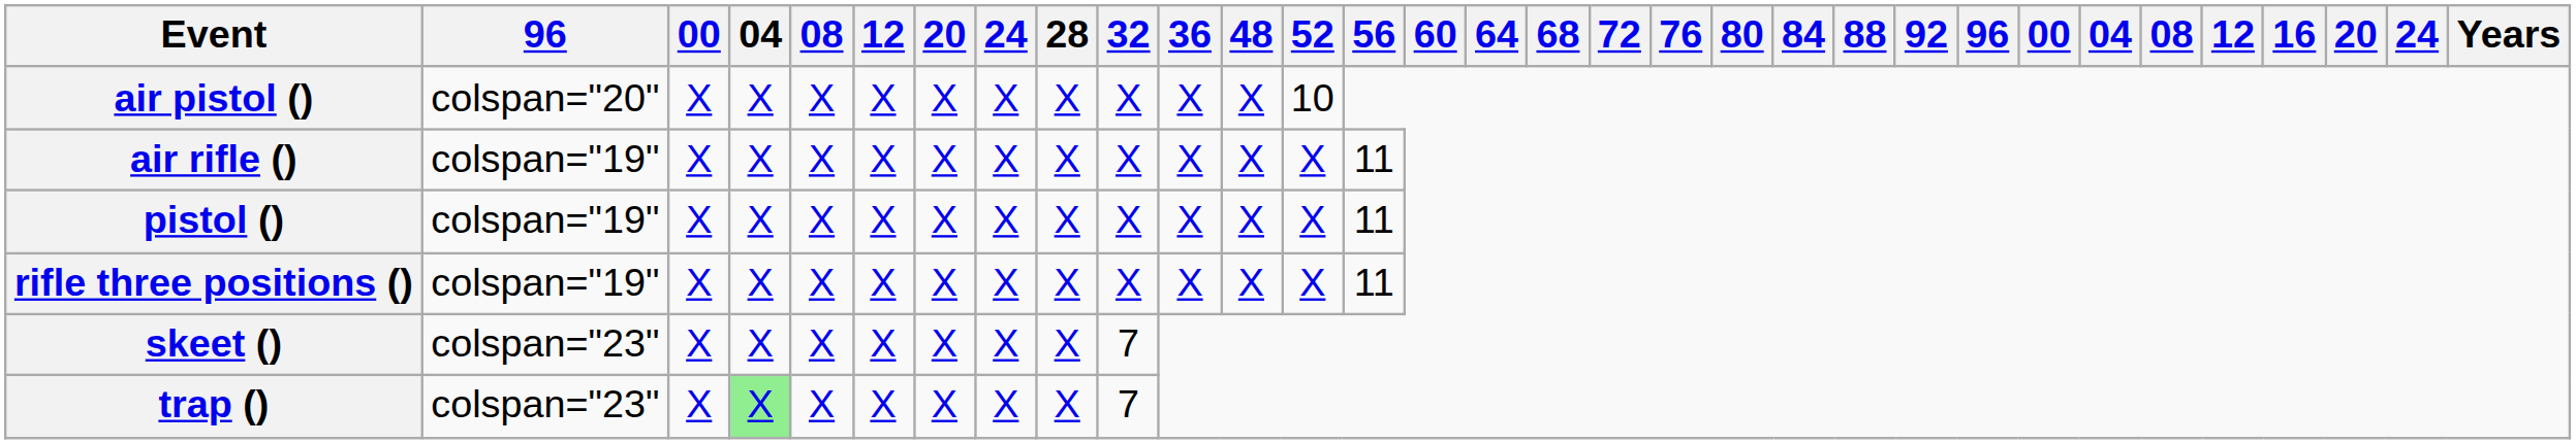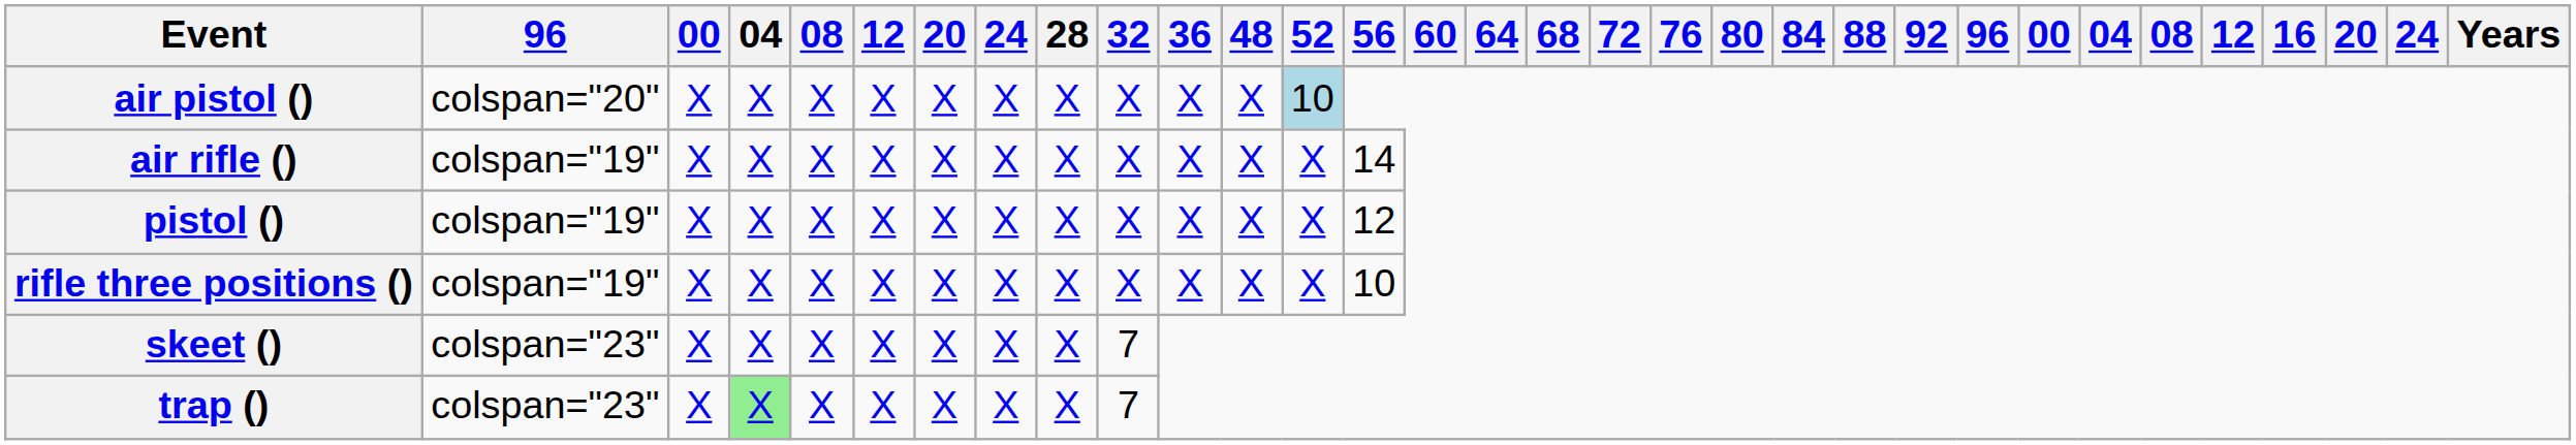 <table class="wikitable plainrowheaders sticky-header" style="text-align:center;">
 <tr>
 <th scope="col">Event</th>
 <th scope="col"><a href='#'>96</a></th>
 <th scope="col"><a href='#'>00</a></th>
 <th scope="col">04</th>
 <th scope="col"><a href='#'>08</a></th>
 <th scope="col"><a href='#'>12</a></th>
 <th scope="col"><a href='#'>20</a></th>
 <th scope="col"><a href='#'>24</a></th>
 <th scope="col">28</th>
 <th scope="col"><a href='#'>32</a></th>
 <th scope="col"><a href='#'>36</a></th>
 <th scope="col"><a href='#'>48</a></th>
 <th scope="col"><a href='#'>52</a></th>
 <th scope="col"><a href='#'>56</a></th>
 <th scope="col"><a href='#'>60</a></th>
 <th scope="col"><a href='#'>64</a></th>
 <th scope="col"><a href='#'>68</a></th>
 <th scope="col"><a href='#'>72</a></th>
 <th scope="col"><a href='#'>76</a></th>
 <th scope="col"><a href='#'>80</a></th>
 <th scope="col"><a href='#'>84</a></th>
 <th scope="col"><a href='#'>88</a></th>
 <th scope="col"><a href='#'>92</a></th>
 <th scope="col"><a href='#'>96</a></th>
 <th scope="col"><a href='#'>00</a></th>
 <th scope="col"><a href='#'>04</a></th>
 <th scope="col"><a href='#'>08</a></th>
 <th scope="col"><a href='#'>12</a></th>
 <th scope="col"><a href='#'>16</a></th>
 <th scope="col"><a href='#'>20</a></th>
 <th scope="col"><a href='#'>24</a></th>
 <th scope="col">Years</th>
 </tr>
 <tr>
 <th scope="row"><a href='#'>air pistol</a> ()</th>
 <td>colspan="20"</td>
 <td><a href='#'>X</a></td>
 <td><a href='#'>X</a></td>
 <td><a href='#'>X</a></td>
 <td><a href='#'>X</a></td>
 <td><a href='#'>X</a></td>
 <td><a href='#'>X</a></td>
 <td><a href='#'>X</a></td>
 <td><a href='#'>X</a></td>
 <td><a href='#'>X</a></td>
 <td><a href='#'>X</a></td>
-<td>10</td>
+<td style="background: lightblue;">10</td>
 </tr>
 <tr>
 <th scope="row"><a href='#'>air rifle</a> ()</th>
 <td>colspan="19"</td>
 <td><a href='#'>X</a></td>
 <td><a href='#'>X</a></td>
 <td><a href='#'>X</a></td>
 <td><a href='#'>X</a></td>
 <td><a href='#'>X</a></td>
 <td><a href='#'>X</a></td>
 <td><a href='#'>X</a></td>
 <td><a href='#'>X</a></td>
 <td><a href='#'>X</a></td>
 <td><a href='#'>X</a></td>
 <td><a href='#'>X</a></td>
-<td>11</td>
+<td>14</td>
 </tr>
 <tr>
 <th scope="row"><a href='#'>pistol</a> ()</th>
 <td>colspan="19"</td>
 <td><a href='#'>X</a></td>
 <td><a href='#'>X</a></td>
 <td><a href='#'>X</a></td>
 <td><a href='#'>X</a></td>
 <td><a href='#'>X</a></td>
 <td><a href='#'>X</a></td>
 <td><a href='#'>X</a></td>
 <td><a href='#'>X</a></td>
 <td><a href='#'>X</a></td>
 <td><a href='#'>X</a></td>
 <td><a href='#'>X</a></td>
-<td>11</td>
+<td>12</td>
 </tr>
 <tr>
 <th scope="row"><a href='#'>rifle three positions</a> ()</th>
 <td>colspan="19"</td>
 <td><a href='#'>X</a></td>
 <td><a href='#'>X</a></td>
 <td><a href='#'>X</a></td>
 <td><a href='#'>X</a></td>
 <td><a href='#'>X</a></td>
 <td><a href='#'>X</a></td>
 <td><a href='#'>X</a></td>
 <td><a href='#'>X</a></td>
 <td><a href='#'>X</a></td>
 <td><a href='#'>X</a></td>
 <td><a href='#'>X</a></td>
-<td>11</td>
+<td>10</td>
 </tr>
 <tr>
 <th scope="row"><a href='#'>skeet</a> ()</th>
 <td>colspan="23"</td>
 <td><a href='#'>X</a></td>
 <td><a href='#'>X</a></td>
 <td><a href='#'>X</a></td>
 <td><a href='#'>X</a></td>
 <td><a href='#'>X</a></td>
 <td><a href='#'>X</a></td>
 <td><a href='#'>X</a></td>
 <td>7</td>
 </tr>
 <tr>
 <th scope="row"><a href='#'>trap</a> ()</th>
 <td>colspan="23"</td>
 <td><a href='#'>X</a></td>
 <td style="background: lightgreen;"><a href='#'>X</a></td>
 <td><a href='#'>X</a></td>
 <td><a href='#'>X</a></td>
 <td><a href='#'>X</a></td>
 <td><a href='#'>X</a></td>
 <td><a href='#'>X</a></td>
 <td>7</td>
 </tr>
 </table>
